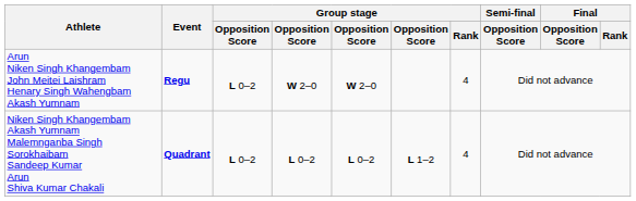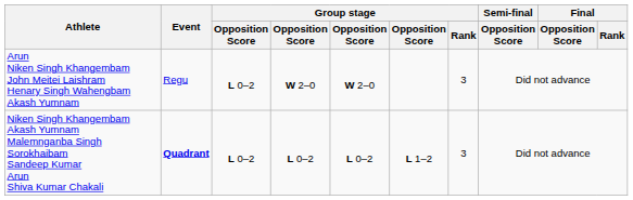 <table class="wikitable" style="font-size:90%;text-align:center">
 <tr>
 <th rowspan="2">Athlete</th>
 <th rowspan="2">Event</th>
 <th colspan="5">Group stage</th>
 <th>Semi-final</th>
 <th colspan="2">Final</th>
 </tr>
 <tr>
 <th>Opposition<br>Score</th>
 <th>Opposition<br>Score</th>
 <th>Opposition<br>Score</th>
 <th>Opposition<br>Score</th>
 <th>Rank</th>
 <th>Opposition<br>Score</th>
 <th>Opposition<br>Score</th>
 <th>Rank</th>
 </tr>
 <tr>
 <td style="text-align:left"><a href='#'>Arun</a><br><a href='#'>Niken Singh Khangembam</a><br><a href='#'>John Meitei Laishram</a><br><a href='#'>Henary Singh Wahengbam</a><br><a href='#'>Akash Yumnam</a></td>
-<td style="text-align:left"><strong><a href='#'>Regu</a></strong></td>
+<td style="text-align:left"><a href='#'>Regu</a></td>
 <td><br><strong>L</strong> 0–2</td>
 <td><br><strong>W</strong> 2–0</td>
 <td><br><strong>W</strong> 2–0</td>
 <td></td>
-<td>4</td>
+<td>3</td>
 <td colspan="3">Did not advance</td>
 </tr>
 <tr>
 <td style="text-align:left"><a href='#'>Niken Singh Khangembam</a><br><a href='#'>Akash Yumnam</a><br><a href='#'>Malemnganba Singh Sorokhaibam</a><br><a href='#'>Sandeep Kumar</a><br><a href='#'>Arun</a><br><a href='#'>Shiva Kumar Chakali</a></td>
 <td style="text-align:left"><strong><a href='#'>Quadrant</a></strong></td>
 <td><br><strong>L</strong> 0–2</td>
 <td><br><strong>L</strong> 0–2</td>
 <td><br><strong>L</strong> 0–2</td>
 <td><br><strong>L</strong> 1–2</td>
-<td>4</td>
+<td>3</td>
 <td colspan="3">Did not advance</td>
 </tr>
 </table>
